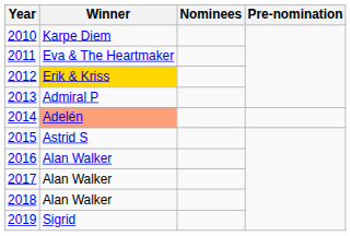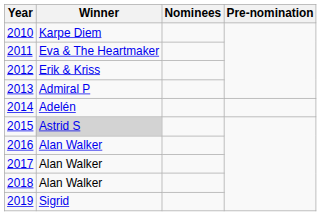 <table class="wikitable">
 <tr>
 <th>Year</th>
 <th>Winner</th>
 <th>Nominees</th>
 <th>Pre-nomination</th>
 </tr>
 <tr>
 <td><a href='#'>2010</a></td>
 <td><a href='#'>Karpe Diem</a></td>
 <td></td>
 <td rowspan=4></td>
 </tr>
 <tr>
 <td><a href='#'>2011</a></td>
 <td><a href='#'>Eva & The Heartmaker</a></td>
 <td></td>
 </tr>
 <tr>
 <td><a href='#'>2012</a></td>
-<td style="background: gold;"><a href='#'>Erik & Kriss</a></td>
+<td><a href='#'>Erik & Kriss</a></td>
 <td></td>
 </tr>
 <tr>
 <td><a href='#'>2013</a></td>
 <td><a href='#'>Admiral P</a></td>
 <td></td>
 </tr>
 <tr>
 <td><a href='#'>2014</a></td>
-<td style="background: lightsalmon;"><a href='#'>Adelén</a></td>
+<td><a href='#'>Adelén</a></td>
 <td></td>
 <td><br></td>
 </tr>
 <tr>
 <td><a href='#'>2015</a></td>
-<td><a href='#'>Astrid S</a></td>
+<td style="background: lightgrey;"><a href='#'>Astrid S</a></td>
 <td></td>
 <td rowspan="5"></td>
 </tr>
 <tr>
 <td><a href='#'>2016</a></td>
 <td><a href='#'>Alan Walker</a></td>
 <td></td>
 </tr>
 <tr>
 <td><a href='#'>2017</a></td>
 <td>Alan Walker</td>
 <td></td>
 </tr>
 <tr>
 <td><a href='#'>2018</a></td>
 <td>Alan Walker</td>
 <td></td>
 </tr>
 <tr>
 <td><a href='#'>2019</a></td>
 <td><a href='#'>Sigrid</a></td>
 <td></td>
 </tr>
 </table>
